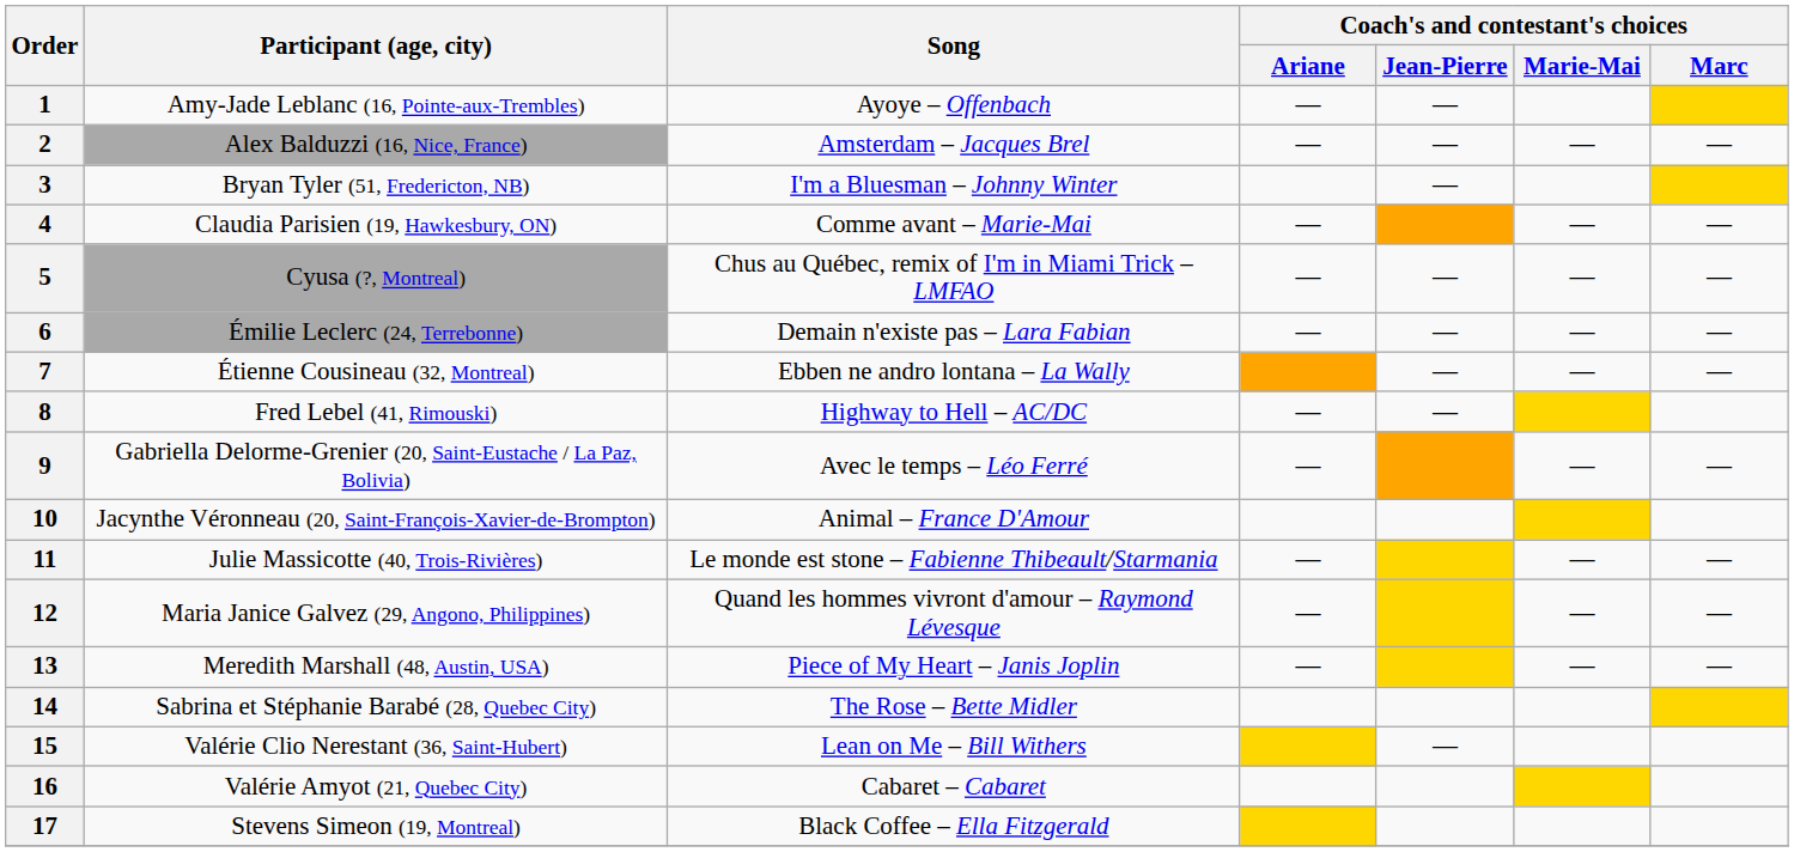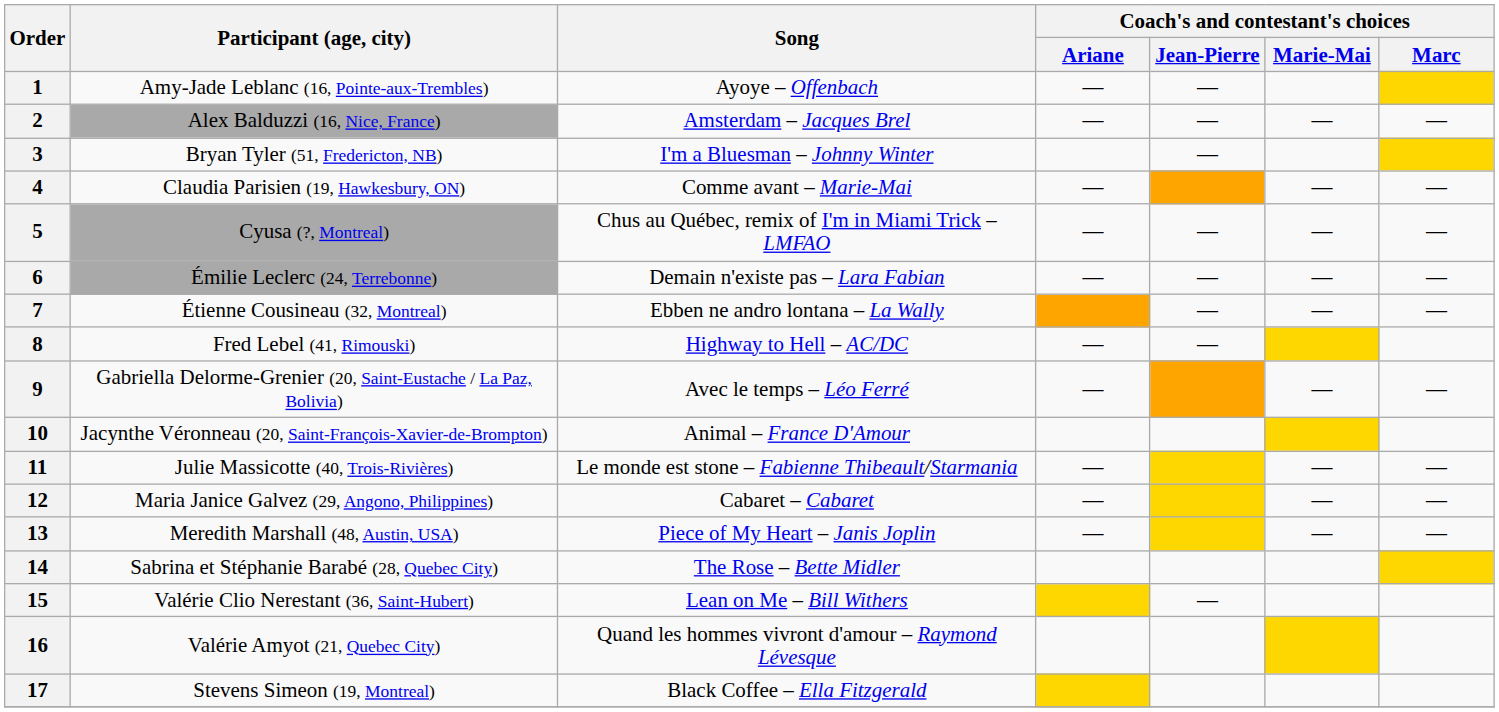 <table class="wikitable plainrowheaders"  style="text-align:center; width:90%;">
 <tr>
 <th scope="col" rowspan="2">Order</th>
 <th scope="col" rowspan="2">Participant (age, city)</th>
 <th scope="col" rowspan="2">Song</th>
 <th colspan="4">Coach's and contestant's choices</th>
 </tr>
 <tr>
 <th style="width:5em;"><a href='#'>Ariane</a></th>
 <th style="width:5em;"><a href='#'>Jean-Pierre</a></th>
 <th style="width:5em;"><a href='#'>Marie-Mai</a></th>
 <th style="width:5em;"><a href='#'>Marc</a></th>
 </tr>
 <tr>
 <th scope=col>1</th>
 <td>Amy-Jade Leblanc <small>(16, <a href='#'>Pointe-aux-Trembles</a>)</small></td>
 <td>Ayoye – <em><a href='#'>Offenbach</a></em></td>
 <td>—</td>
 <td>—</td>
 <td></td>
 <td style="background:gold;text-align:center;"></td>
 </tr>
 <tr>
 <th scope=col>2</th>
 <td style="background:darkgrey;text-align:center;">Alex Balduzzi <small>(16, <a href='#'>Nice, France</a>)</small></td>
 <td><a href='#'>Amsterdam</a> – <em><a href='#'>Jacques Brel</a></em></td>
 <td>—</td>
 <td>—</td>
 <td>—</td>
 <td>—</td>
 </tr>
 <tr>
 <th scope=col>3</th>
 <td>Bryan Tyler <small>(51, <a href='#'>Fredericton, NB</a>)</small></td>
 <td><a href='#'>I'm a Bluesman</a> – <em><a href='#'>Johnny Winter</a></em></td>
 <td></td>
 <td>—</td>
 <td></td>
 <td style="background:gold;text-align:center;"></td>
 </tr>
 <tr>
 <th scope=col>4</th>
 <td>Claudia Parisien <small>(19, <a href='#'>Hawkesbury, ON</a>)</small></td>
 <td>Comme avant – <em><a href='#'>Marie-Mai</a></em></td>
 <td>—</td>
 <td style="background:orange;text-align:center;"></td>
 <td>—</td>
 <td>—</td>
 </tr>
 <tr>
 <th scope=col>5</th>
 <td style="background:darkgrey;text-align:center;">Cyusa <small>(?, <a href='#'>Montreal</a>)</small></td>
 <td>Chus au Québec, remix of <a href='#'>I'm in Miami Trick</a> – <em><a href='#'>LMFAO</a></em></td>
 <td>—</td>
 <td>—</td>
 <td>—</td>
 <td>—</td>
 </tr>
 <tr>
 <th scope=col>6</th>
 <td style="background:darkgrey;text-align:center;">Émilie Leclerc <small>(24, <a href='#'>Terrebonne</a>)</small></td>
 <td>Demain n'existe pas – <em><a href='#'>Lara Fabian</a></em></td>
 <td>—</td>
 <td>—</td>
 <td>—</td>
 <td>—</td>
 </tr>
 <tr>
 <th scope=col>7</th>
 <td>Étienne Cousineau <small>(32, <a href='#'>Montreal</a>)</small></td>
 <td>Ebben ne andro lontana – <em><a href='#'>La Wally</a></em></td>
 <td style="background:orange;text-align:center;"></td>
 <td>—</td>
 <td>—</td>
 <td>—</td>
 </tr>
 <tr>
 <th scope=col>8</th>
 <td>Fred Lebel <small>(41, <a href='#'>Rimouski</a>)</small></td>
 <td><a href='#'>Highway to Hell</a> – <em><a href='#'>AC/DC</a></em></td>
 <td>—</td>
 <td>—</td>
 <td style="background:gold;text-align:center;"></td>
 <td></td>
 </tr>
 <tr>
 <th scope=col>9</th>
 <td>Gabriella Delorme-Grenier <small>(20, <a href='#'>Saint-Eustache</a> / <a href='#'>La Paz, Bolivia</a>)</small></td>
 <td>Avec le temps – <em><a href='#'>Léo Ferré</a></em></td>
 <td>—</td>
 <td style="background:orange;text-align:center;"></td>
 <td>—</td>
 <td>—</td>
 </tr>
 <tr>
 <th scope=col>10</th>
 <td>Jacynthe Véronneau <small>(20, <a href='#'>Saint-François-Xavier-de-Brompton</a>)</small></td>
 <td>Animal – <em><a href='#'>France D'Amour</a></em></td>
 <td></td>
 <td></td>
 <td style="background:gold;text-align:center;"></td>
 <td></td>
 </tr>
 <tr>
 <th scope=col>11</th>
 <td>Julie Massicotte <small>(40, <a href='#'>Trois-Rivières</a>)</small></td>
 <td>Le monde est stone – <em><a href='#'>Fabienne Thibeault</a>/<a href='#'>Starmania</a></em></td>
 <td>—</td>
 <td style="background:gold;text-align:center;"></td>
 <td>—</td>
 <td>—</td>
 </tr>
 <tr>
 <th scope=col>12</th>
 <td>Maria Janice Galvez <small>(29, <a href='#'>Angono, Philippines</a>)</small></td>
-<td>Quand les hommes vivront d'amour – <em><a href='#'>Raymond Lévesque</a></em></td>
+<td>Cabaret – <em><a href='#'>Cabaret</a></em></td>
 <td>—</td>
 <td style="background:gold;text-align:center;"></td>
 <td>—</td>
 <td>—</td>
 </tr>
 <tr>
 <th scope=col>13</th>
 <td>Meredith Marshall <small>(48, <a href='#'>Austin, USA</a>)</small></td>
 <td><a href='#'>Piece of My Heart</a> – <em><a href='#'>Janis Joplin</a></em></td>
 <td>—</td>
 <td style="background:gold;text-align:center;"></td>
 <td>—</td>
 <td>—</td>
 </tr>
 <tr>
 <th scope=col>14</th>
 <td>Sabrina et Stéphanie Barabé <small>(28, <a href='#'>Quebec City</a>)</small></td>
 <td><a href='#'>The Rose</a> – <em><a href='#'>Bette Midler</a></em></td>
 <td></td>
 <td></td>
 <td></td>
 <td style="background:gold;text-align:center;"></td>
 </tr>
 <tr>
 <th scope=col>15</th>
 <td>Valérie Clio Nerestant <small>(36, <a href='#'>Saint-Hubert</a>)</small></td>
 <td><a href='#'>Lean on Me</a> – <em><a href='#'>Bill Withers</a></em></td>
 <td style="background:gold;text-align:center;"></td>
 <td>—</td>
 <td></td>
 <td></td>
 </tr>
 <tr>
 <th scope=col>16</th>
 <td>Valérie Amyot <small>(21, <a href='#'>Quebec City</a>)</small></td>
-<td>Cabaret – <em><a href='#'>Cabaret</a></em></td>
+<td>Quand les hommes vivront d'amour – <em><a href='#'>Raymond Lévesque</a></em></td>
 <td></td>
 <td></td>
 <td style="background:gold;text-align:center;"></td>
 <td></td>
 </tr>
 <tr>
 <th scope=col>17</th>
 <td>Stevens Simeon <small>(19, <a href='#'>Montreal</a>)</small></td>
 <td>Black Coffee – <em><a href='#'>Ella Fitzgerald</a></em></td>
 <td style="background:gold;text-align:center;"></td>
 <td></td>
 <td></td>
 <td></td>
 </tr>
 <tr>
 </tr>
 </table>
